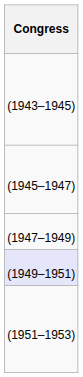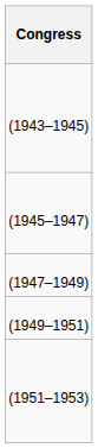 <table class="wikitable" style="float:left; margin:0; margin-right:-0.5px; margin-top:14px; text-align:center;">
 <tr style="white-space:nowrap; height:4.08em;">
 <th>Congress</th>
 </tr>
 <tr style="white-space:nowrap; height:7.6em;">
 <td><strong></strong><br>(1943–1945)</td>
 </tr>
 <tr style="white-space:nowrap; height:5.72em">
 <td><strong></strong><br>(1945–1947)</td>
 </tr>
 <tr style="white-space:nowrap; height:3em">
 <td><strong></strong><br>(1947–1949)</td>
 </tr>
 <tr style="white-space:nowrap; height:3em">
-<td style="background: lavender;"><strong></strong><br>(1949–1951)</td>
+<td><strong></strong><br>(1949–1951)</td>
 </tr>
 <tr style="white-space:nowrap; height:7.2em">
 <td><strong></strong><br>(1951–1953)</td>
 </tr>
 </table>
